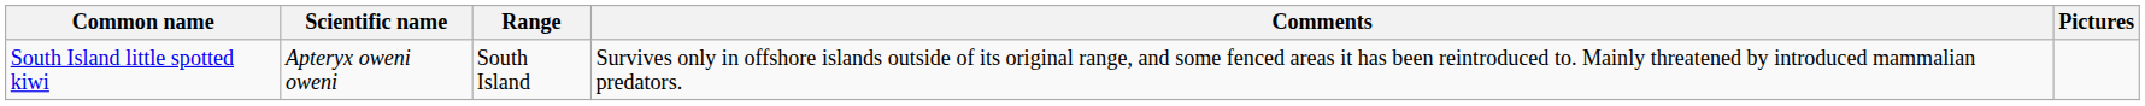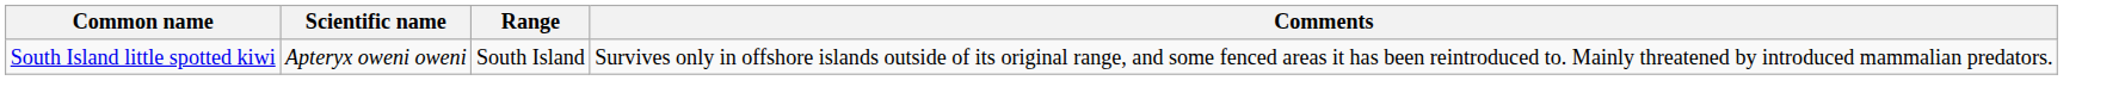 <table class="wikitable">
 <tr>
 <th>Common name</th>
 <th>Scientific name</th>
 <th>Range</th>
 <th class="unsortable">Comments</th>
-<th class="unsortable">Pictures</th>
 </tr>
 <tr>
 <td><a href='#'>South Island little spotted kiwi</a></td>
 <td><em>Apteryx oweni oweni</em></td>
 <td>South Island</td>
 <td>Survives only in offshore islands outside of its original range, and some fenced areas it has been reintroduced to. Mainly threatened by introduced mammalian predators.</td>
-<td></td>
 </tr>
 </table>
